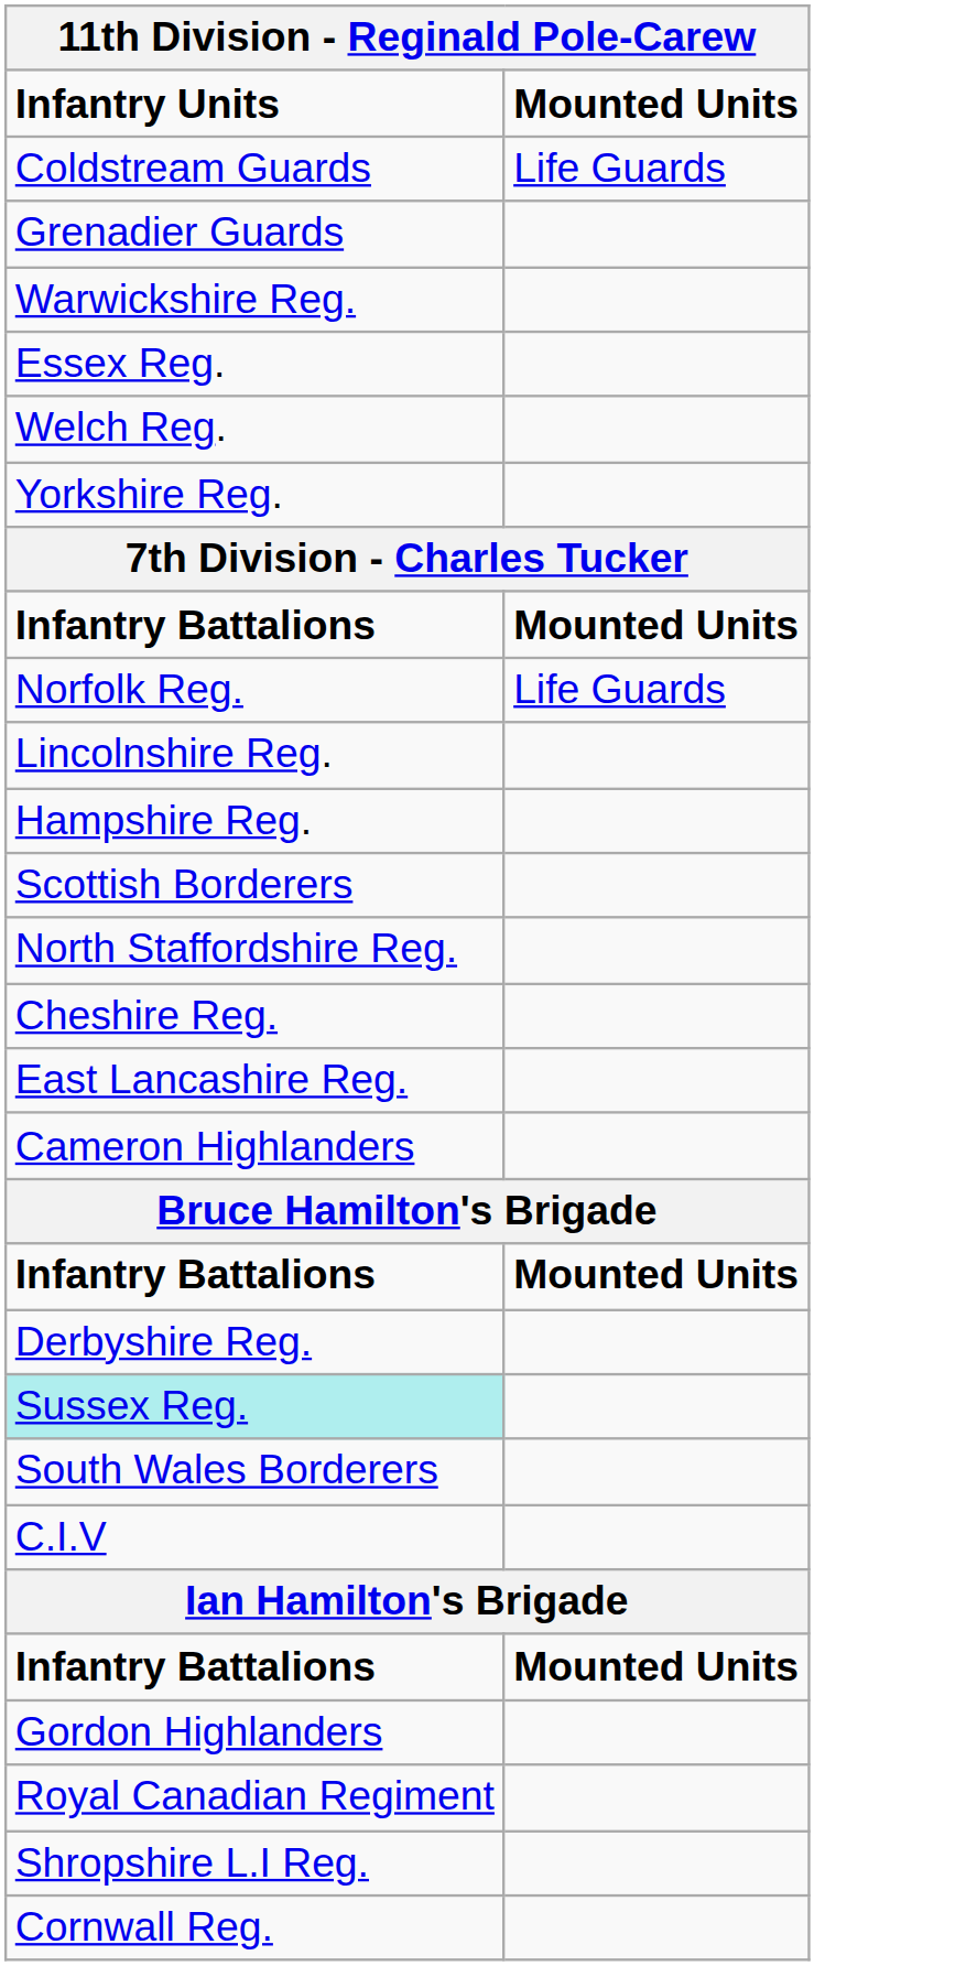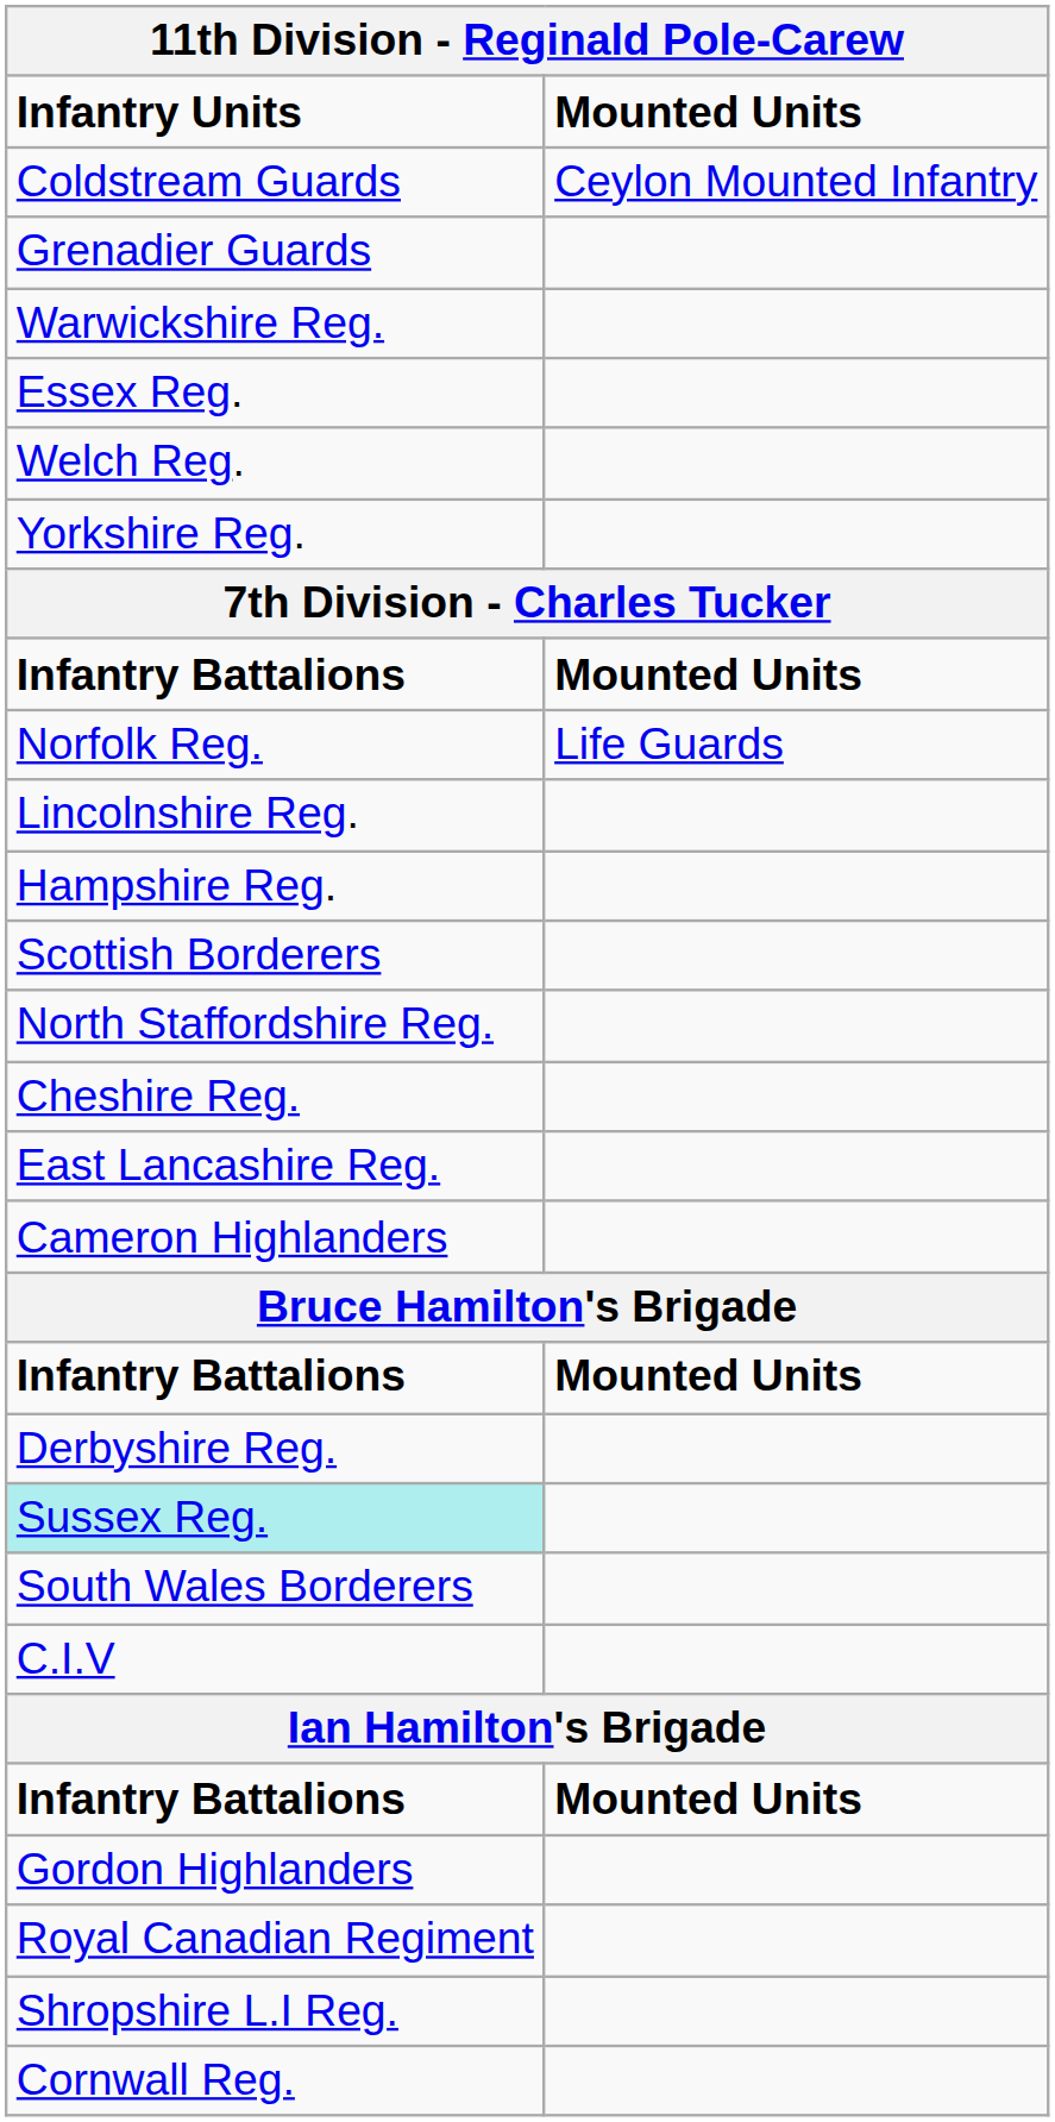 <table class="wikitable">
 <tr>
 <th colspan="2">11th Division - <a href='#'>Reginald Pole-Carew</a></th>
 </tr>
 <tr>
 <td><strong>Infantry Units</strong></td>
 <td><strong>Mounted Units</strong></td>
 </tr>
 <tr>
 <td><a href='#'>Coldstream Guards</a></td>
-<td><a href='#'>Life Guards</a></td>
+<td><a href='#'>Ceylon Mounted Infantry</a></td>
 </tr>
 <tr>
 <td><a href='#'>Grenadier Guards</a></td>
 <td></td>
 </tr>
 <tr>
 <td><a href='#'>Warwickshire Reg.</a></td>
 <td></td>
 </tr>
 <tr>
 <td><a href='#'>Essex Reg</a>.</td>
 <td></td>
 </tr>
 <tr>
 <td><a href='#'>Welch Reg</a>.</td>
 <td></td>
 </tr>
 <tr>
 <td><a href='#'>Yorkshire Reg</a>.</td>
 <td></td>
 </tr>
 <tr>
 <th colspan="2">7th Division - <a href='#'>Charles Tucker</a></th>
 </tr>
 <tr>
 <td><strong>Infantry Battalions</strong></td>
 <td><strong>Mounted Units</strong></td>
 </tr>
 <tr>
 <td><a href='#'>Norfolk Reg.</a></td>
 <td><a href='#'>Life Guards</a></td>
 </tr>
 <tr>
 <td><a href='#'>Lincolnshire Reg</a>.</td>
 <td></td>
 </tr>
 <tr>
 <td><a href='#'>Hampshire Reg</a>.</td>
 <td></td>
 </tr>
 <tr>
 <td><a href='#'>Scottish Borderers</a></td>
 <td></td>
 </tr>
 <tr>
 <td><a href='#'>North Staffordshire Reg.</a></td>
 <td></td>
 </tr>
 <tr>
 <td><a href='#'>Cheshire Reg.</a></td>
 <td></td>
 </tr>
 <tr>
 <td><a href='#'>East Lancashire Reg.</a></td>
 <td></td>
 </tr>
 <tr>
 <td><a href='#'>Cameron Highlanders</a></td>
 <td></td>
 </tr>
 <tr>
 <th colspan="2"><strong><a href='#'>Bruce Hamilton</a>'s Brigade</strong></th>
 </tr>
 <tr>
 <td><strong>Infantry Battalions</strong></td>
 <td><strong>Mounted Units</strong></td>
 </tr>
 <tr>
 <td><a href='#'>Derbyshire Reg.</a></td>
 <td></td>
 </tr>
 <tr>
 <td style="background: paleturquoise;"><a href='#'>Sussex Reg.</a></td>
 <td></td>
 </tr>
 <tr>
 <td><a href='#'>South Wales Borderers</a></td>
 <td></td>
 </tr>
 <tr>
 <td><a href='#'>C.I.V</a></td>
 <td></td>
 </tr>
 <tr>
 <th colspan="2"><strong><a href='#'>Ian Hamilton</a>'s Brigade</strong></th>
 </tr>
 <tr>
 <td><strong>Infantry Battalions</strong></td>
 <td><strong>Mounted Units</strong></td>
 </tr>
 <tr>
 <td><a href='#'>Gordon Highlanders</a></td>
 <td></td>
 </tr>
 <tr>
 <td><a href='#'>Royal Canadian Regiment</a></td>
 <td></td>
 </tr>
 <tr>
 <td><a href='#'>Shropshire L.I Reg.</a></td>
 <td></td>
 </tr>
 <tr>
 <td><a href='#'>Cornwall Reg.</a></td>
 <td></td>
 </tr>
 </table>
